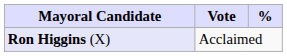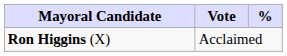 <table class="wikitable">
 <tr>
 <th style="background:#ddf; width:200px;">Mayoral Candidate</th>
 <th style="background:#ddf; width:50px;">Vote</th>
 <th style="background:#ddf; width:30px;">%</th>
 </tr>
 <tr>
-<td style="background: lavender;"><strong>Ron Higgins</strong> (X)</td>
+<td><strong>Ron Higgins</strong> (X)</td>
 <td colspan="2">Acclaimed</td>
 </tr>
 </table>
